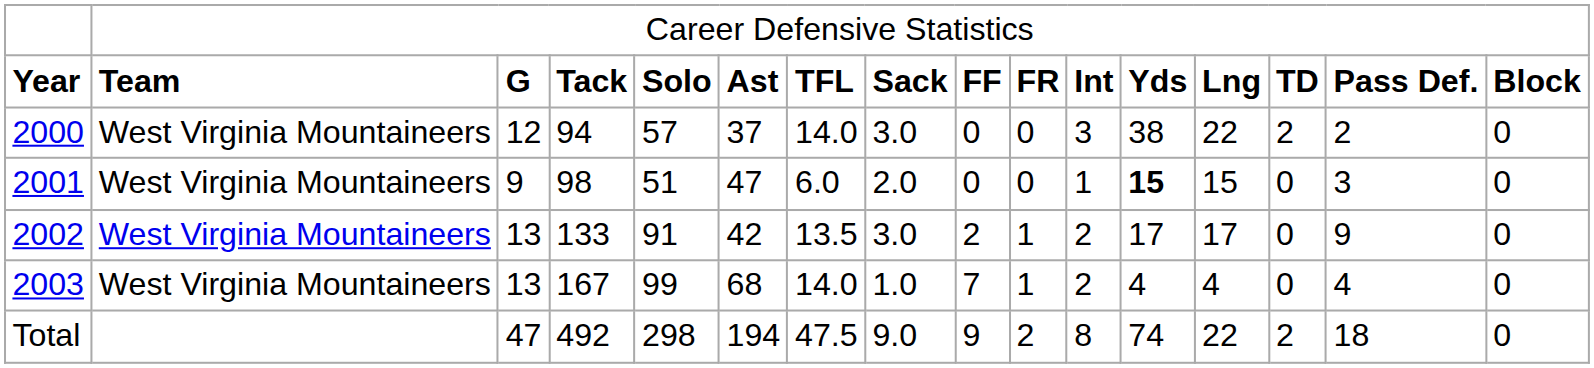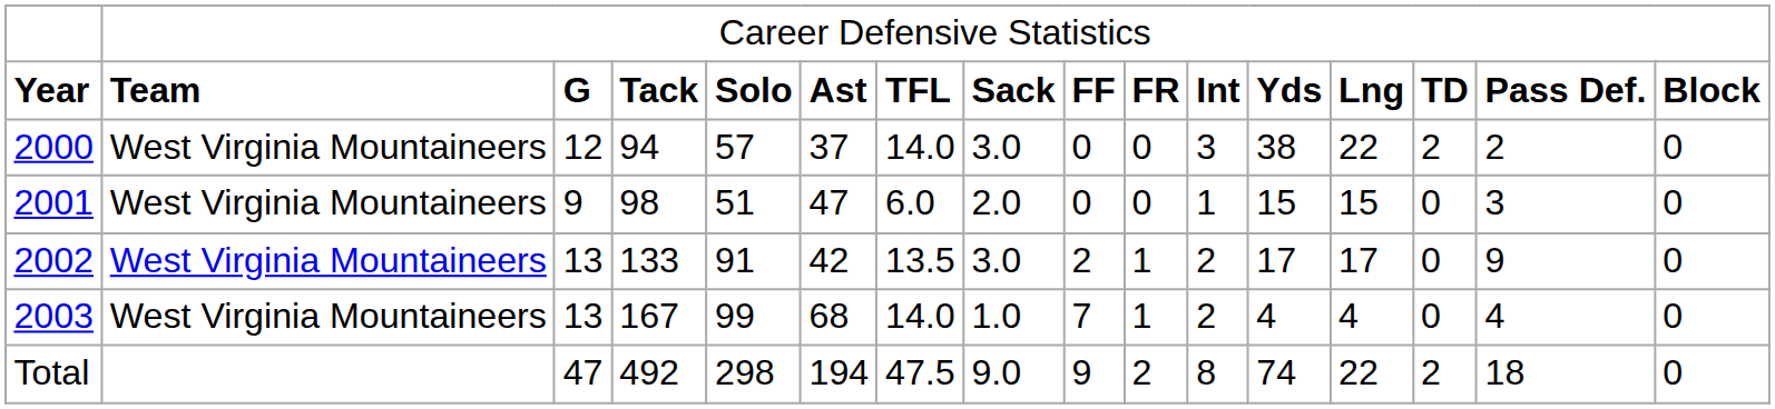 <table class="wikitable" border=0 style="background: #FFFFFF;">
 <tr>
 <td colspan=1></td>
 <td colspan=15 align="center">Career Defensive Statistics</td>
 </tr>
 <tr>
 <td><strong>Year</strong></td>
 <td><strong>Team</strong></td>
 <td><strong>G</strong></td>
 <td><strong>Tack</strong></td>
 <td><strong>Solo</strong></td>
 <td><strong>Ast</strong></td>
 <td><strong>TFL</strong></td>
 <td><strong>Sack</strong></td>
 <td><strong>FF</strong></td>
 <td><strong>FR</strong></td>
 <td><strong>Int</strong></td>
 <td><strong>Yds</strong></td>
 <td><strong>Lng</strong></td>
 <td><strong>TD</strong></td>
 <td><strong>Pass Def.</strong></td>
 <td><strong>Block</strong></td>
 </tr>
 <tr>
 <td><a href='#'>2000</a></td>
 <td>West Virginia Mountaineers</td>
 <td>12</td>
 <td>94</td>
 <td>57</td>
 <td>37</td>
 <td>14.0</td>
 <td>3.0</td>
 <td>0</td>
 <td>0</td>
 <td>3</td>
 <td>38</td>
 <td>22</td>
 <td>2</td>
 <td>2</td>
 <td>0</td>
 </tr>
 <tr>
 <td><a href='#'>2001</a></td>
 <td>West Virginia Mountaineers</td>
 <td>9</td>
 <td>98</td>
 <td>51</td>
 <td>47</td>
 <td>6.0</td>
 <td>2.0</td>
 <td>0</td>
 <td>0</td>
 <td>1</td>
-<td><strong>15</strong></td>
+<td>15</td>
 <td>15</td>
 <td>0</td>
 <td>3</td>
 <td>0</td>
 </tr>
 <tr>
 <td><a href='#'>2002</a></td>
 <td><a href='#'>West Virginia Mountaineers</a></td>
 <td>13</td>
 <td>133</td>
 <td>91</td>
 <td>42</td>
 <td>13.5</td>
 <td>3.0</td>
 <td>2</td>
 <td>1</td>
 <td>2</td>
 <td>17</td>
 <td>17</td>
 <td>0</td>
 <td>9</td>
 <td>0</td>
 </tr>
 <tr>
 <td><a href='#'>2003</a></td>
 <td>West Virginia Mountaineers</td>
 <td>13</td>
 <td>167</td>
 <td>99</td>
 <td>68</td>
 <td>14.0</td>
 <td>1.0</td>
 <td>7</td>
 <td>1</td>
 <td>2</td>
 <td>4</td>
 <td>4</td>
 <td>0</td>
 <td>4</td>
 <td>0</td>
 </tr>
 <tr>
 <td>Total</td>
 <td></td>
 <td>47</td>
 <td>492</td>
 <td>298</td>
 <td>194</td>
 <td>47.5</td>
 <td>9.0</td>
 <td>9</td>
 <td>2</td>
 <td>8</td>
 <td>74</td>
 <td>22</td>
 <td>2</td>
 <td>18</td>
 <td>0</td>
 </tr>
 </table>
